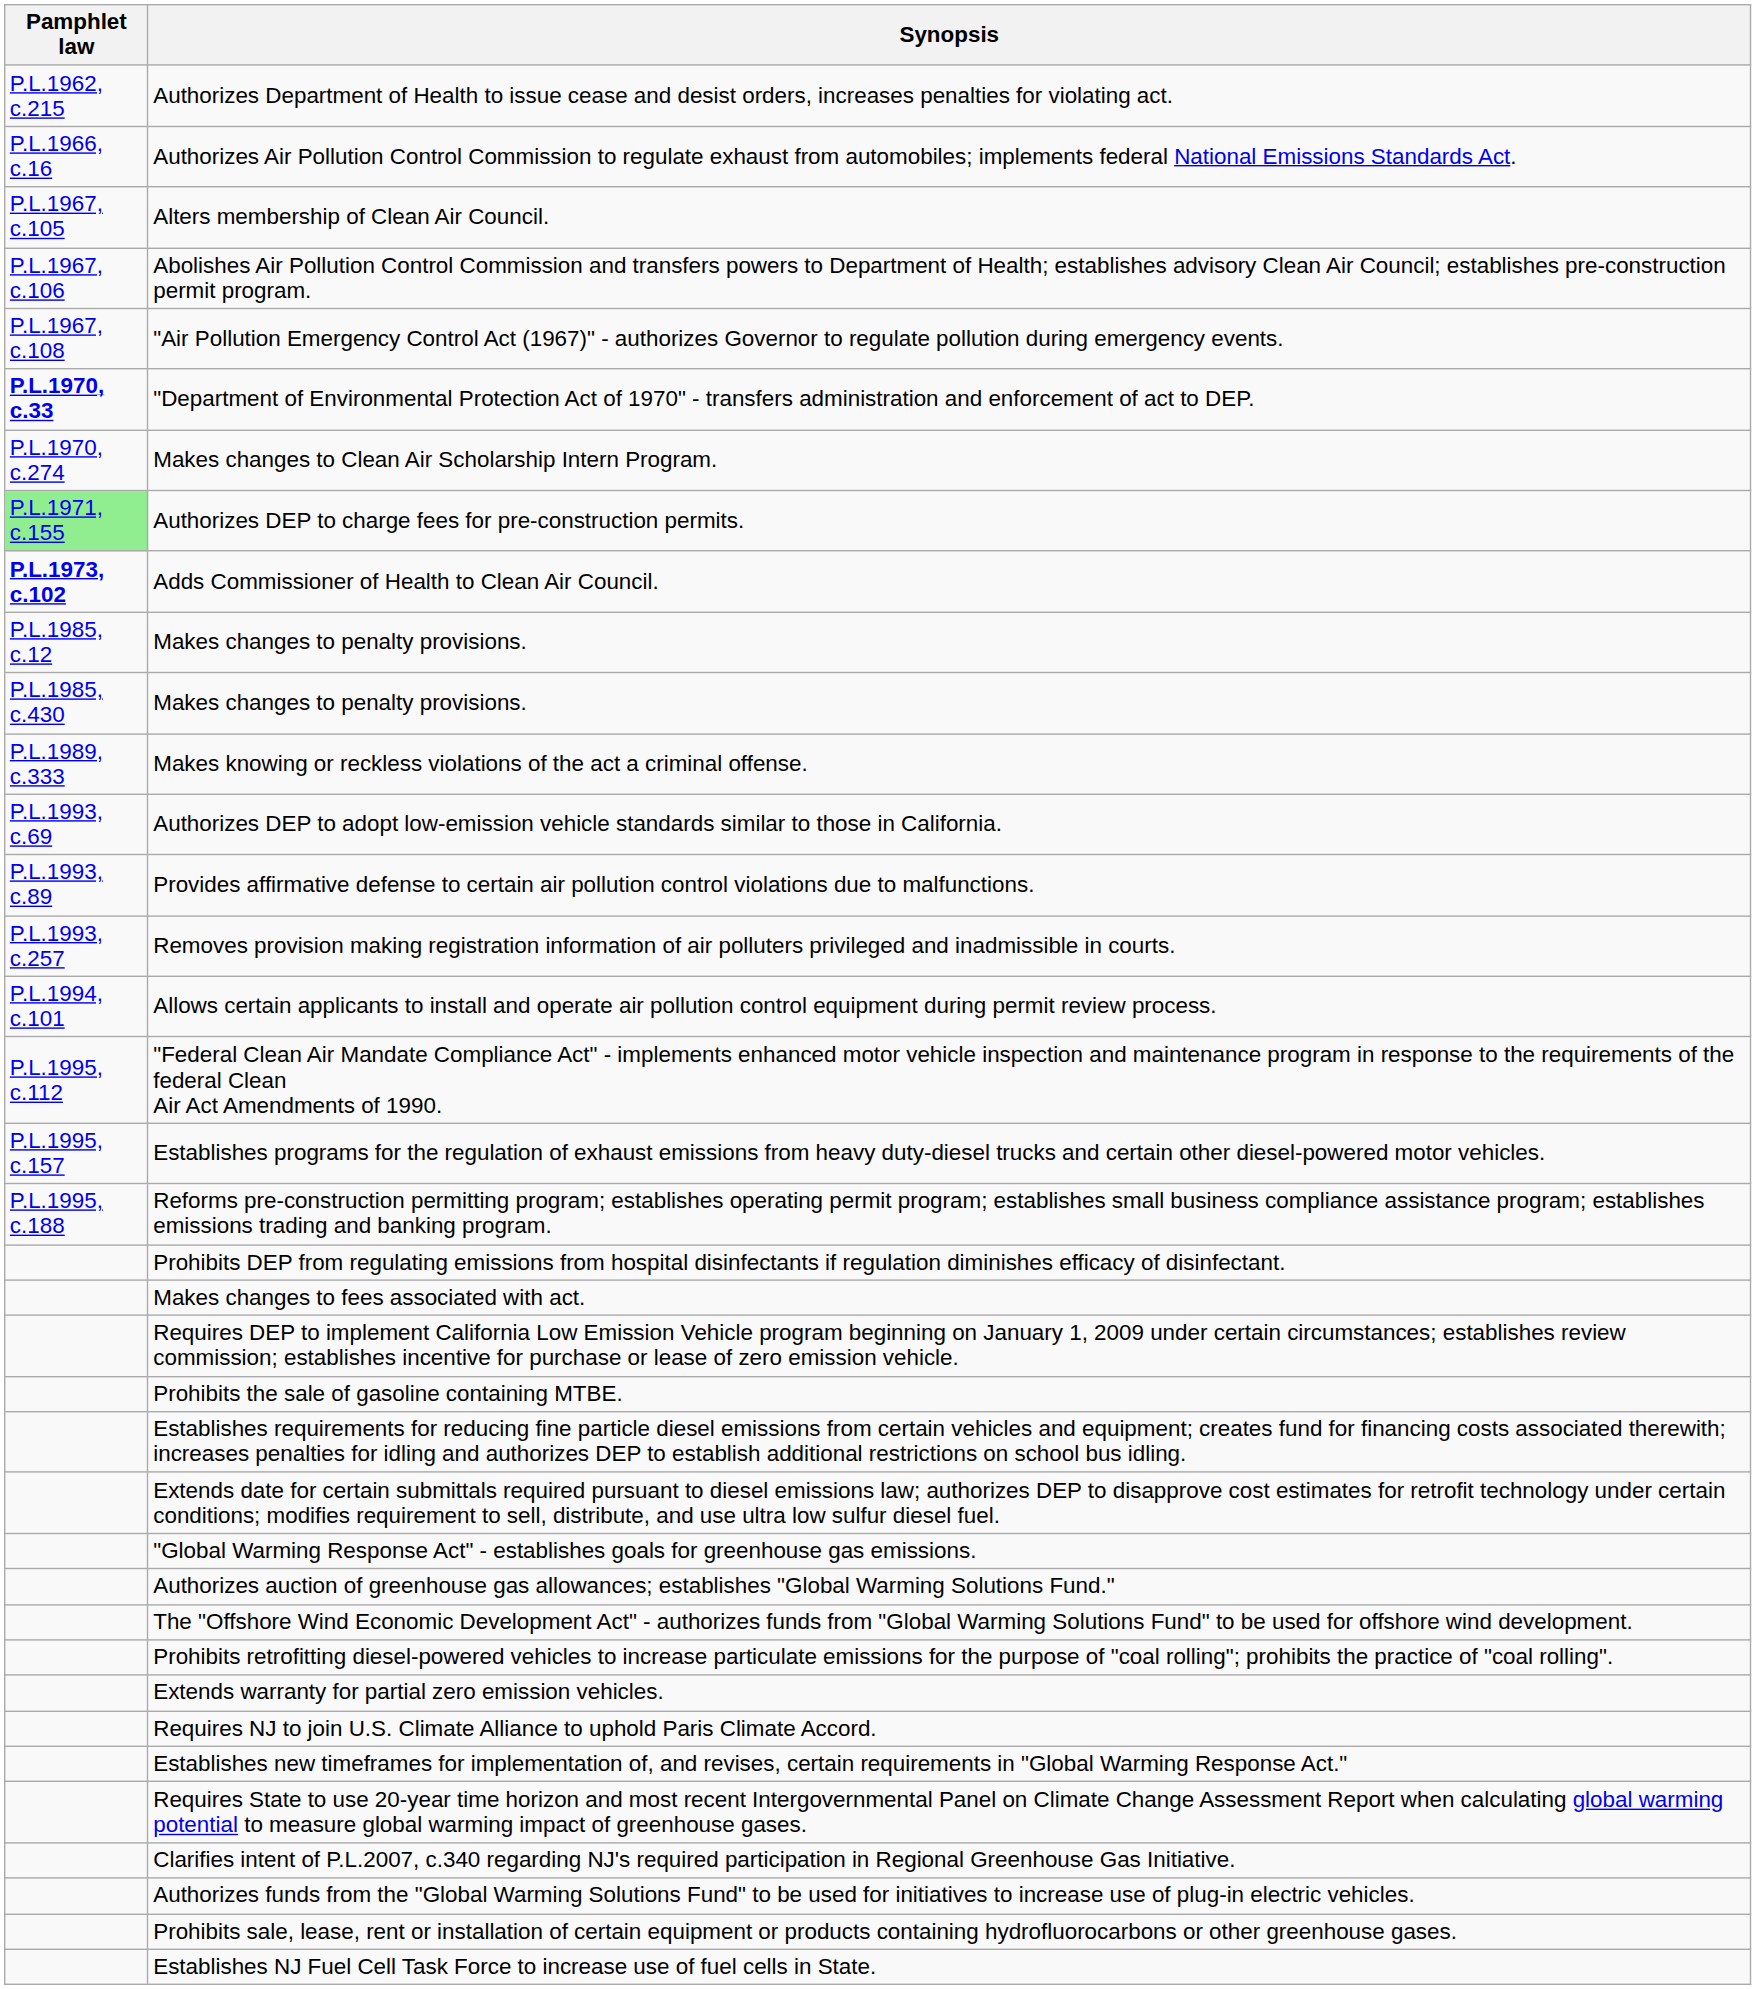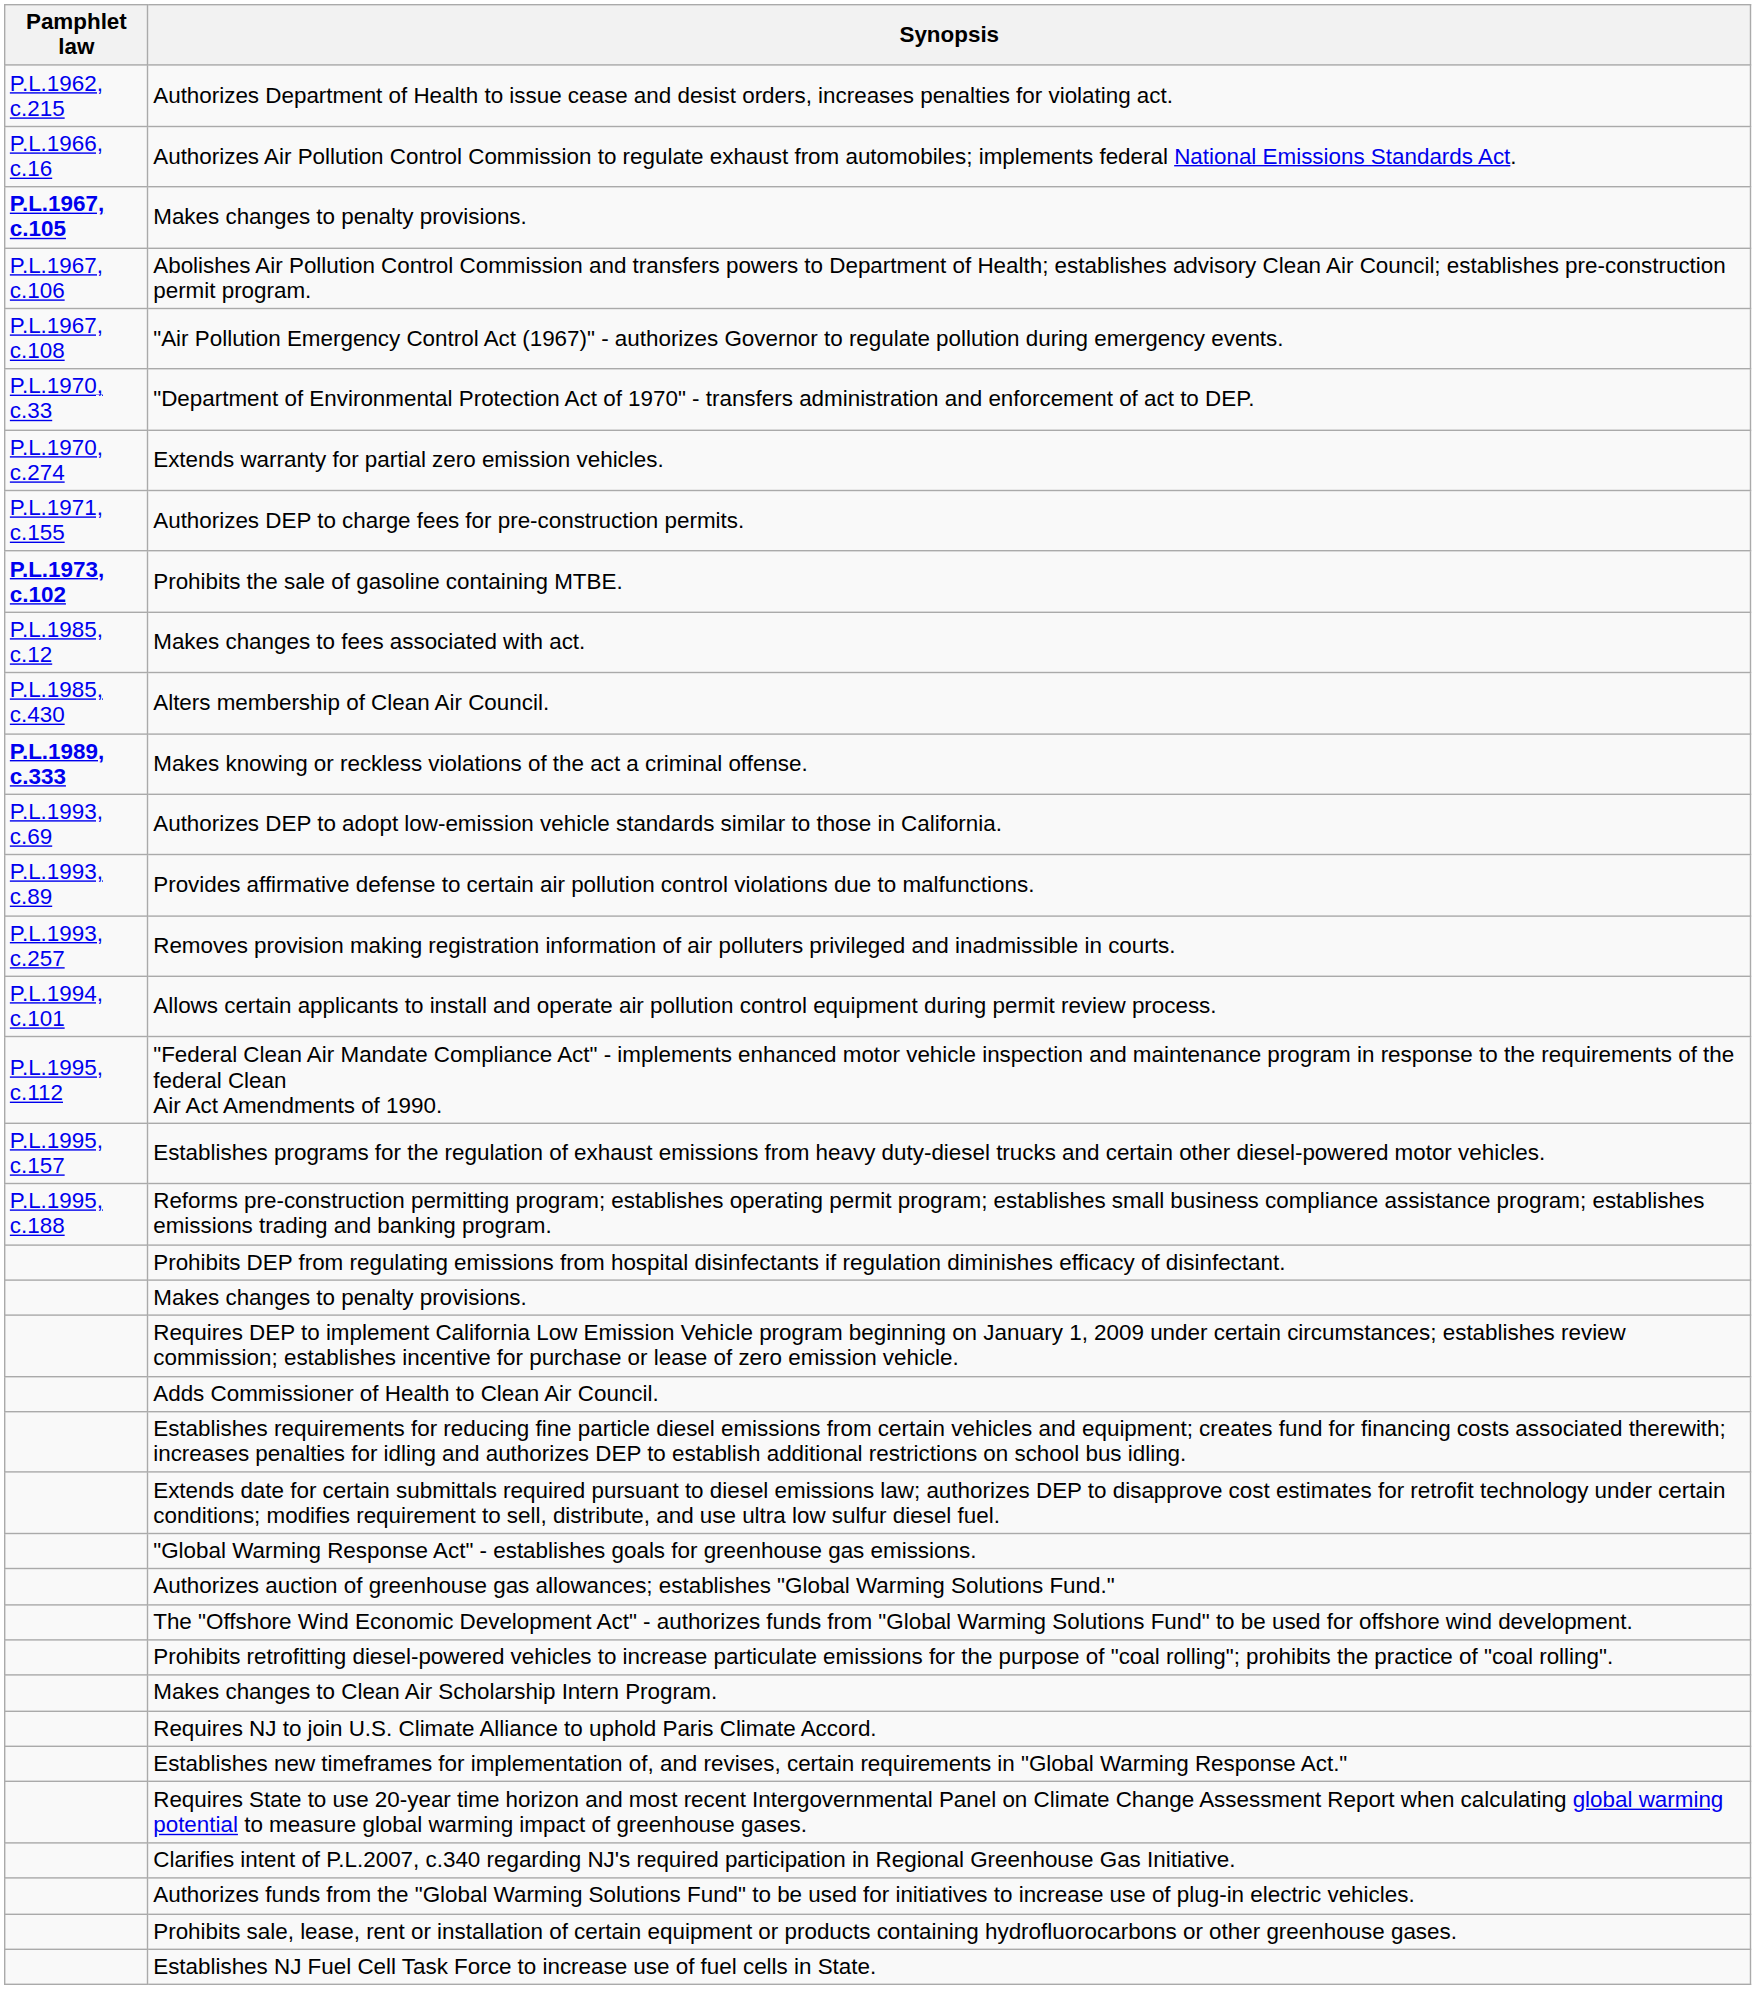 <table class="wikitable mw-collapsible mw-collapsed">
 <tr>
 <th>Pamphlet law</th>
 <th>Synopsis</th>
 </tr>
 <tr>
 <td><a href='#'>P.L.1962, c.215</a></td>
 <td>Authorizes Department of Health to issue cease and desist orders, increases penalties for violating act.</td>
 </tr>
 <tr>
 <td><a href='#'>P.L.1966, c.16</a></td>
 <td>Authorizes Air Pollution Control Commission to regulate exhaust from automobiles; implements federal <a href='#'>National Emissions Standards Act</a>.</td>
 </tr>
 <tr>
-<td><a href='#'>P.L.1967, c.105</a></td>
-<td>Alters membership of Clean Air Council.</td>
+<td><strong><a href='#'>P.L.1967, c.105</a></strong></td>
+<td>Makes changes to penalty provisions.</td>
 </tr>
 <tr>
 <td><a href='#'>P.L.1967, c.106</a></td>
 <td>Abolishes Air Pollution Control Commission and transfers powers to Department of Health; establishes advisory Clean Air Council; establishes pre-construction permit program.</td>
 </tr>
 <tr>
 <td><a href='#'>P.L.1967, c.108</a></td>
 <td>"Air Pollution Emergency Control Act (1967)" - authorizes Governor to regulate pollution during emergency events.</td>
 </tr>
 <tr>
-<td><strong><a href='#'>P.L.1970, c.33</a></strong></td>
+<td><a href='#'>P.L.1970, c.33</a></td>
 <td>"Department of Environmental Protection Act of 1970" - transfers administration and enforcement of act to DEP.</td>
 </tr>
 <tr>
 <td><a href='#'>P.L.1970, c.274</a></td>
-<td>Makes changes to Clean Air Scholarship Intern Program.</td>
+<td>Extends warranty for partial zero emission vehicles.</td>
 </tr>
 <tr>
-<td style="background: lightgreen;"><a href='#'>P.L.1971, c.155</a></td>
+<td><a href='#'>P.L.1971, c.155</a></td>
 <td>Authorizes DEP to charge fees for pre-construction permits.</td>
 </tr>
 <tr>
 <td><strong><a href='#'>P.L.1973, c.102</a></strong></td>
-<td>Adds Commissioner of Health to Clean Air Council.</td>
+<td>Prohibits the sale of gasoline containing MTBE.</td>
 </tr>
 <tr>
 <td><a href='#'>P.L.1985, c.12</a></td>
-<td>Makes changes to penalty provisions.</td>
+<td>Makes changes to fees associated with act.</td>
 </tr>
 <tr>
 <td><a href='#'>P.L.1985, c.430</a></td>
-<td>Makes changes to penalty provisions.</td>
+<td>Alters membership of Clean Air Council.</td>
 </tr>
 <tr>
-<td><a href='#'>P.L.1989, c.333</a></td>
+<td><strong><a href='#'>P.L.1989, c.333</a></strong></td>
 <td>Makes knowing or reckless violations of the act a criminal offense.</td>
 </tr>
 <tr>
 <td><a href='#'>P.L.1993, c.69</a></td>
 <td>Authorizes DEP to adopt low-emission vehicle standards similar to those in California.</td>
 </tr>
 <tr>
 <td><a href='#'>P.L.1993, c.89</a></td>
 <td>Provides affirmative defense to certain air pollution control violations due to malfunctions.</td>
 </tr>
 <tr>
 <td><a href='#'>P.L.1993, c.257</a></td>
 <td>Removes provision making registration information of air polluters privileged and inadmissible in courts.</td>
 </tr>
 <tr>
 <td><a href='#'>P.L.1994, c.101</a></td>
 <td>Allows certain applicants to install and operate air pollution control equipment during permit review process.</td>
 </tr>
 <tr>
 <td><a href='#'>P.L.1995, c.112</a></td>
 <td>"Federal Clean Air Mandate Compliance Act" - implements enhanced motor vehicle inspection and maintenance program in response to the requirements of the federal Clean<br>Air Act Amendments of 1990.</td>
 </tr>
 <tr>
 <td><a href='#'>P.L.1995, c.157</a></td>
 <td>Establishes programs for the regulation of exhaust emissions from heavy duty-diesel trucks and certain other diesel-powered motor vehicles.</td>
 </tr>
 <tr>
 <td><a href='#'>P.L.1995, c.188</a></td>
 <td>Reforms pre-construction permitting program; establishes operating permit program; establishes small business compliance assistance program; establishes emissions trading and banking program.</td>
 </tr>
 <tr>
 <td></td>
 <td>Prohibits DEP from regulating emissions from hospital disinfectants if regulation diminishes efficacy of disinfectant.</td>
 </tr>
 <tr>
 <td></td>
-<td>Makes changes to fees associated with act.</td>
+<td>Makes changes to penalty provisions.</td>
 </tr>
 <tr>
 <td></td>
 <td>Requires DEP to implement California Low Emission Vehicle program beginning on January 1, 2009 under certain circumstances; establishes review commission; establishes incentive for purchase or lease of zero emission vehicle.</td>
 </tr>
 <tr>
 <td></td>
-<td>Prohibits the sale of gasoline containing MTBE.</td>
+<td>Adds Commissioner of Health to Clean Air Council.</td>
 </tr>
 <tr>
 <td></td>
 <td>Establishes requirements for reducing fine particle diesel emissions from certain vehicles and equipment; creates fund for financing costs associated therewith; increases penalties for idling and authorizes DEP to establish additional restrictions on school bus idling.</td>
 </tr>
 <tr>
 <td></td>
 <td>Extends date for certain submittals required pursuant to diesel emissions law; authorizes DEP to disapprove cost estimates for retrofit technology under certain conditions; modifies requirement to sell, distribute, and use ultra low sulfur diesel fuel.</td>
 </tr>
 <tr>
 <td></td>
 <td>"Global Warming Response Act" - establishes goals for greenhouse gas emissions.</td>
 </tr>
 <tr>
 <td></td>
 <td>Authorizes auction of greenhouse gas allowances; establishes "Global Warming Solutions Fund."</td>
 </tr>
 <tr>
 <td></td>
 <td>The "Offshore Wind Economic Development Act" - authorizes funds from "Global Warming Solutions Fund" to be used for offshore wind development.</td>
 </tr>
 <tr>
 <td></td>
 <td>Prohibits retrofitting diesel-powered vehicles to increase particulate emissions for the purpose of "coal rolling"; prohibits the practice of "coal rolling".</td>
 </tr>
 <tr>
 <td></td>
-<td>Extends warranty for partial zero emission vehicles.</td>
+<td>Makes changes to Clean Air Scholarship Intern Program.</td>
 </tr>
 <tr>
 <td></td>
 <td>Requires NJ to join U.S. Climate Alliance to uphold Paris Climate Accord.</td>
 </tr>
 <tr>
 <td></td>
 <td>Establishes new timeframes for implementation of, and revises, certain requirements in "Global Warming Response Act."</td>
 </tr>
 <tr>
 <td></td>
 <td>Requires State to use 20-year time horizon and most recent Intergovernmental Panel on Climate Change Assessment Report when calculating <a href='#'>global warming potential</a> to measure global warming impact of greenhouse gases.</td>
 </tr>
 <tr>
 <td></td>
 <td>Clarifies intent of P.L.2007, c.340 regarding NJ's required participation in Regional Greenhouse Gas Initiative.</td>
 </tr>
 <tr>
 <td></td>
 <td>Authorizes funds from the "Global Warming Solutions Fund" to be used for initiatives to increase use of plug-in electric vehicles.</td>
 </tr>
 <tr>
 <td></td>
 <td>Prohibits sale, lease, rent or installation of certain equipment or products containing hydrofluorocarbons or other greenhouse gases.</td>
 </tr>
 <tr>
 <td></td>
 <td>Establishes NJ Fuel Cell Task Force to increase use of fuel cells in State.</td>
 </tr>
 </table>
